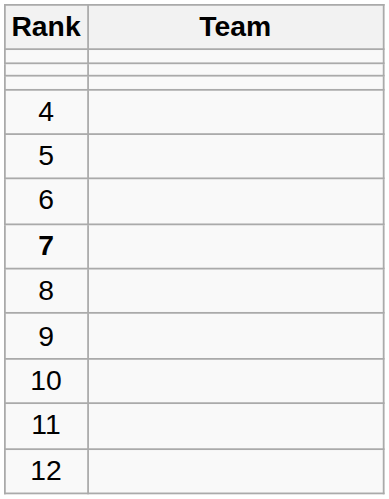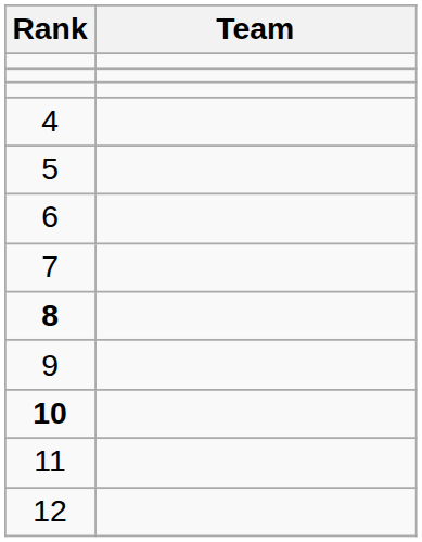 <table class=wikitable style="text-align:center;">
 <tr>
 <th>Rank</th>
 <th width=160>Team</th>
 </tr>
 <tr>
 <td></td>
 <td align=left></td>
 </tr>
 <tr>
 <td></td>
 <td align=left></td>
 </tr>
 <tr>
 <td></td>
 <td align=left></td>
 </tr>
 <tr>
 <td>4</td>
 <td align=left></td>
 </tr>
 <tr>
 <td>5</td>
 <td align=left></td>
 </tr>
 <tr>
 <td>6</td>
 <td align=left></td>
 </tr>
 <tr>
-<td><strong>7</strong></td>
+<td>7</td>
 <td align=left></td>
 </tr>
 <tr>
-<td>8</td>
+<td><strong>8</strong></td>
 <td align=left></td>
 </tr>
 <tr>
 <td>9</td>
 <td align=left></td>
 </tr>
 <tr>
-<td>10</td>
+<td><strong>10</strong></td>
 <td align=left></td>
 </tr>
 <tr>
 <td>11</td>
 <td align=left></td>
 </tr>
 <tr>
 <td>12</td>
 <td align=left></td>
 </tr>
 </table>
